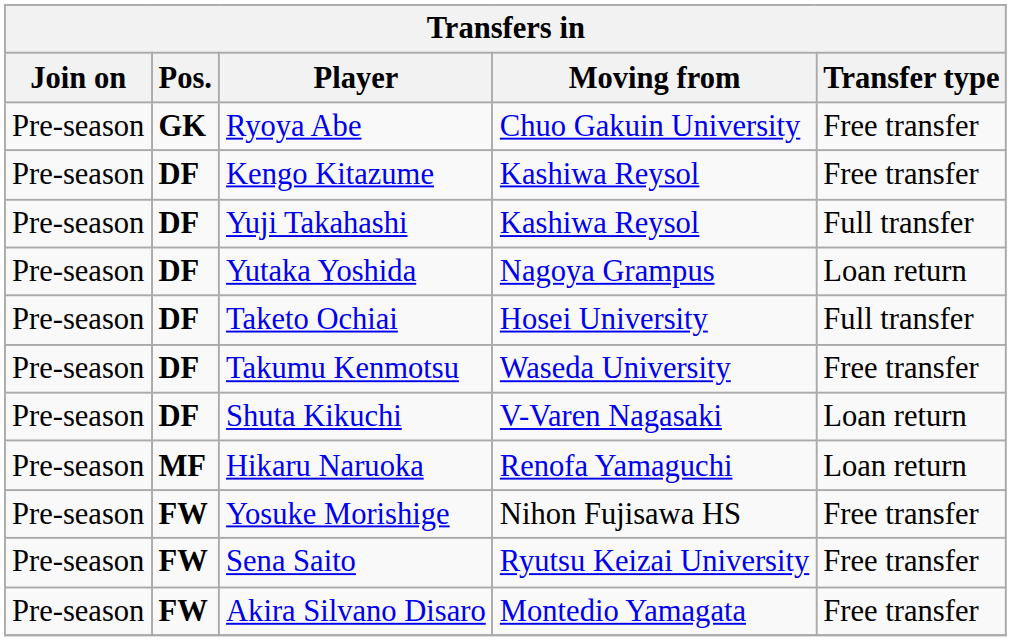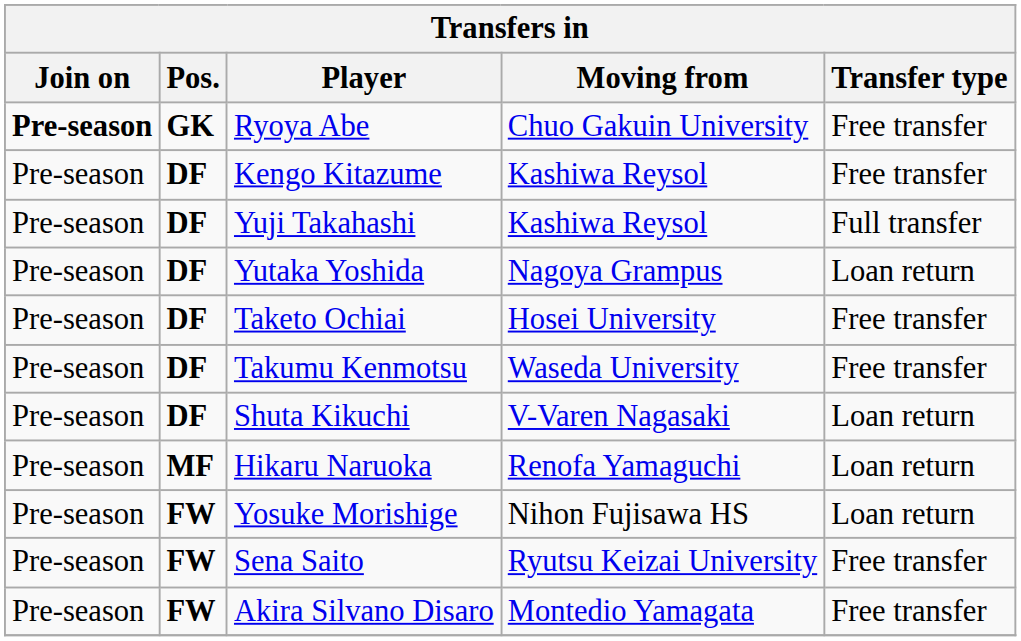 <table class="wikitable sortable" style=“text-align:left;>
 <tr>
 <th colspan="5">Transfers in</th>
 </tr>
 <tr>
 <th>Join on</th>
 <th>Pos.</th>
 <th>Player</th>
 <th>Moving from</th>
 <th>Transfer type</th>
 </tr>
 <tr>
-<td>Pre-season</td>
+<td><strong>Pre-season</strong></td>
 <td><strong>GK</strong></td>
 <td> <a href='#'>Ryoya Abe</a></td>
 <td> <a href='#'>Chuo Gakuin University</a></td>
 <td>Free transfer</td>
 </tr>
 <tr>
 <td>Pre-season</td>
 <td><strong>DF</strong></td>
 <td> <a href='#'>Kengo Kitazume</a></td>
 <td> <a href='#'>Kashiwa Reysol</a></td>
 <td>Free transfer</td>
 </tr>
 <tr>
 <td>Pre-season</td>
 <td><strong>DF</strong></td>
 <td> <a href='#'>Yuji Takahashi</a></td>
 <td> <a href='#'>Kashiwa Reysol</a></td>
 <td>Full transfer</td>
 </tr>
 <tr>
 <td>Pre-season</td>
 <td><strong>DF</strong></td>
 <td> <a href='#'>Yutaka Yoshida</a></td>
 <td> <a href='#'>Nagoya Grampus</a></td>
 <td>Loan return</td>
 </tr>
 <tr>
 <td>Pre-season</td>
 <td><strong>DF</strong></td>
 <td> <a href='#'>Taketo Ochiai</a></td>
 <td> <a href='#'>Hosei University</a></td>
-<td>Full transfer</td>
+<td>Free transfer</td>
 </tr>
 <tr>
 <td>Pre-season</td>
 <td><strong>DF</strong></td>
 <td> <a href='#'>Takumu Kenmotsu</a></td>
 <td> <a href='#'>Waseda University</a></td>
 <td>Free transfer</td>
 </tr>
 <tr>
 <td>Pre-season</td>
 <td><strong>DF</strong></td>
 <td> <a href='#'>Shuta Kikuchi</a></td>
 <td> <a href='#'>V-Varen Nagasaki</a></td>
 <td>Loan return</td>
 </tr>
 <tr>
 <td>Pre-season</td>
 <td><strong>MF</strong></td>
 <td> <a href='#'>Hikaru Naruoka</a></td>
 <td> <a href='#'>Renofa Yamaguchi</a></td>
 <td>Loan return</td>
 </tr>
 <tr>
 <td>Pre-season</td>
 <td><strong>FW</strong></td>
 <td> <a href='#'>Yosuke Morishige</a></td>
 <td> Nihon Fujisawa HS</td>
-<td>Free transfer</td>
+<td>Loan return</td>
 </tr>
 <tr>
 <td>Pre-season</td>
 <td><strong>FW</strong></td>
 <td> <a href='#'>Sena Saito</a></td>
 <td> <a href='#'>Ryutsu Keizai University</a></td>
 <td>Free transfer</td>
 </tr>
 <tr>
 <td>Pre-season</td>
 <td><strong>FW</strong></td>
 <td> <a href='#'>Akira Silvano Disaro</a></td>
 <td> <a href='#'>Montedio Yamagata</a></td>
 <td>Free transfer</td>
 </tr>
 <tr>
 </tr>
 </table>
